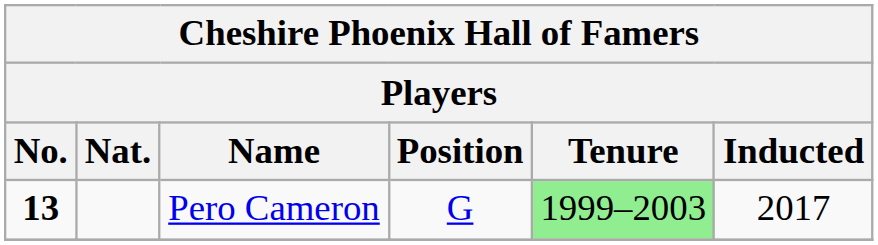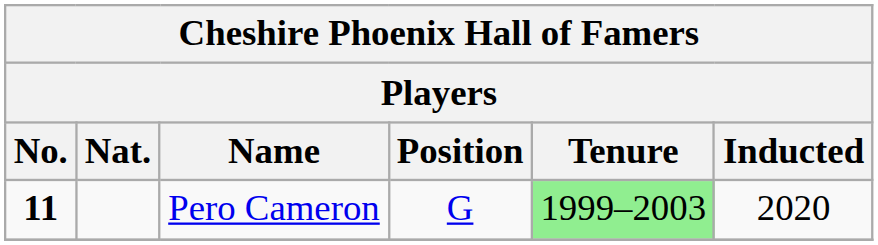 <table class="wikitable" style="text-align:center">
 <tr>
 <th colspan="6">Cheshire Phoenix Hall of Famers</th>
 </tr>
 <tr>
 <th colspan="6">Players</th>
 </tr>
 <tr>
 <th>No.</th>
 <th>Nat.</th>
 <th>Name</th>
 <th>Position</th>
 <th>Tenure</th>
 <th>Inducted</th>
 </tr>
 <tr>
-<td><strong>13</strong></td>
+<td><strong>11</strong></td>
 <td></td>
 <td><a href='#'>Pero Cameron</a></td>
 <td><a href='#'>G</a></td>
 <td style="background: lightgreen;">1999–2003</td>
-<td>2017</td>
+<td>2020</td>
 </tr>
 <tr>
 </tr>
 </table>
